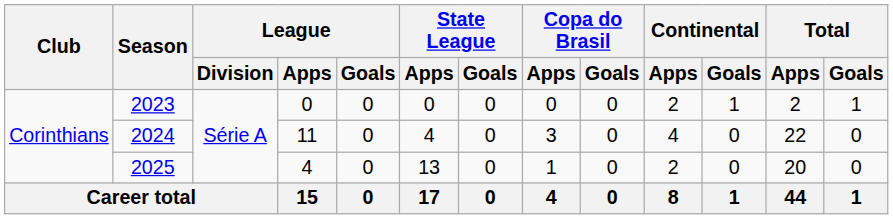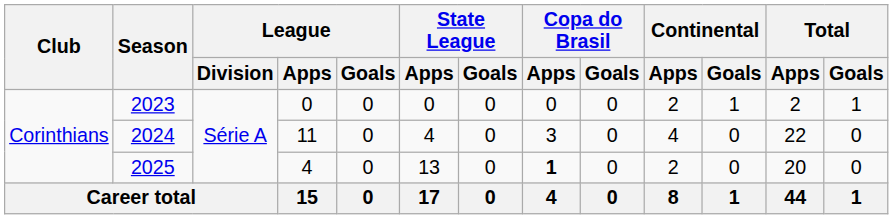 <table class="wikitable" style="text-align: center;">
 <tr>
 <th rowspan="2">Club</th>
 <th rowspan="2">Season</th>
 <th colspan="3">League</th>
 <th colspan="2"><a href='#'>State League</a></th>
 <th colspan="2"><a href='#'>Copa do Brasil</a></th>
 <th colspan="2">Continental</th>
 <th colspan="2">Total</th>
 </tr>
 <tr>
 <th>Division</th>
 <th>Apps</th>
 <th>Goals</th>
 <th>Apps</th>
 <th>Goals</th>
 <th>Apps</th>
 <th>Goals</th>
 <th>Apps</th>
 <th>Goals</th>
 <th>Apps</th>
 <th>Goals</th>
 </tr>
 <tr>
 <td rowspan="3" valign="center"><a href='#'>Corinthians</a></td>
 <td><a href='#'>2023</a></td>
 <td rowspan="3"><a href='#'>Série A</a></td>
 <td>0</td>
 <td>0</td>
 <td>0</td>
 <td>0</td>
 <td>0</td>
 <td>0</td>
 <td>2</td>
 <td>1</td>
 <td>2</td>
 <td>1</td>
 </tr>
 <tr>
 <td><a href='#'>2024</a></td>
 <td>11</td>
 <td>0</td>
 <td>4</td>
 <td>0</td>
 <td>3</td>
 <td>0</td>
 <td>4</td>
 <td>0</td>
 <td>22</td>
 <td>0</td>
 </tr>
 <tr>
 <td><a href='#'>2025</a></td>
 <td>4</td>
 <td>0</td>
 <td>13</td>
 <td>0</td>
-<td>1</td>
+<td><strong>1</strong></td>
 <td>0</td>
 <td>2</td>
 <td>0</td>
 <td>20</td>
 <td>0</td>
 </tr>
 <tr>
 <th colspan="3">Career total</th>
 <th>15</th>
 <th>0</th>
 <th>17</th>
 <th>0</th>
 <th>4</th>
 <th>0</th>
 <th>8</th>
 <th>1</th>
 <th>44</th>
 <th>1</th>
 </tr>
 </table>
